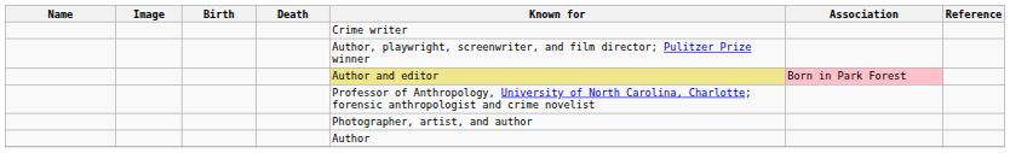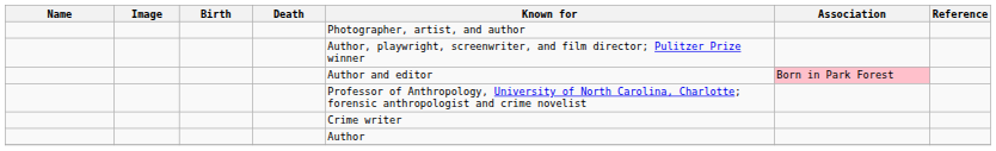 <table class="wikitable sortable">
 <tr>
 <th scope="col" width="140">Name</th>
 <th scope="col" width="80" class="unsortable">Image</th>
 <th scope="col" width="90">Birth</th>
 <th scope="col" width="90">Death</th>
 <th scope="col" width="600" class="unsortable">Known for</th>
 <th scope="col" width="200" class="unsortable">Association</th>
 <th scope="col" width="30" class="unsortable">Reference</th>
 </tr>
 <tr>
 <td></td>
 <td></td>
 <td align=right></td>
 <td align=right></td>
-<td>Crime writer</td>
+<td>Photographer, artist, and author</td>
 <td></td>
 <td align="center"></td>
 </tr>
 <tr>
 <td></td>
 <td></td>
 <td align=right></td>
 <td></td>
 <td>Author, playwright, screenwriter, and film director; <a href='#'>Pulitzer Prize</a> winner</td>
 <td></td>
 <td align="center"></td>
 </tr>
 <tr>
 <td></td>
 <td></td>
 <td></td>
 <td></td>
-<td style="background: khaki;">Author and editor</td>
+<td>Author and editor</td>
 <td style="background: pink;">Born in Park Forest</td>
 <td align="center"></td>
 </tr>
 <tr>
 <td></td>
 <td></td>
 <td align=right></td>
 <td></td>
 <td>Professor of Anthropology, <a href='#'>University of North Carolina, Charlotte</a>; forensic anthropologist and crime novelist</td>
 <td></td>
 <td align="center"></td>
 </tr>
 <tr>
 <td></td>
 <td></td>
 <td align=right></td>
 <td></td>
-<td>Photographer, artist, and author</td>
+<td>Crime writer</td>
 <td></td>
 <td align="center"></td>
 </tr>
 <tr>
 <td></td>
 <td></td>
 <td align=right></td>
 <td></td>
 <td>Author</td>
 <td></td>
 <td align="center"></td>
 </tr>
 <tr>
 </tr>
 </table>
